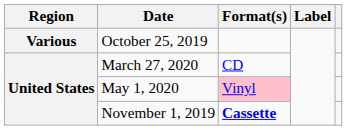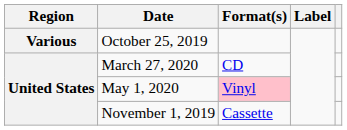 <table class="wikitable plainrowheaders">
 <tr>
 <th scope="col">Region</th>
 <th scope="col">Date</th>
 <th scope="col">Format(s)</th>
 <th scope="col">Label</th>
 <th scope="col"></th>
 </tr>
 <tr>
 <th scope="row">Various</th>
 <td>October 25, 2019</td>
 <td></td>
 <td rowspan="4"></td>
 <td style="text-align:center;"></td>
 </tr>
 <tr>
 <th rowspan="3" scope="row">United States</th>
 <td>March 27, 2020</td>
 <td><a href='#'>CD</a></td>
 <td style="text-align:center;"></td>
 </tr>
 <tr>
 <td>May 1, 2020</td>
 <td style="background: pink;"><a href='#'>Vinyl</a></td>
 <td style="text-align:center;"></td>
 </tr>
 <tr>
 <td>November 1, 2019</td>
-<td><strong><a href='#'>Cassette</a></strong></td>
+<td><a href='#'>Cassette</a></td>
 <td></td>
 </tr>
 </table>
